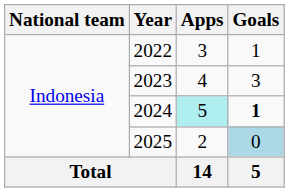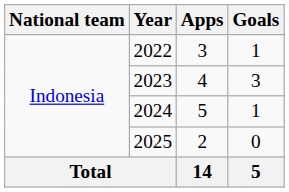 <table class="wikitable" style="text-align:center">
 <tr>
 <th>National team</th>
 <th>Year</th>
 <th>Apps</th>
 <th>Goals</th>
 </tr>
 <tr>
 <td rowspan="4"><a href='#'>Indonesia</a></td>
 <td>2022</td>
 <td>3</td>
 <td>1</td>
 </tr>
 <tr>
 <td>2023</td>
 <td>4</td>
 <td>3</td>
 </tr>
 <tr>
 <td>2024</td>
-<td style="background: paleturquoise;">5</td>
-<td><strong>1</strong></td>
+<td>5</td>
+<td>1</td>
 </tr>
 <tr>
 <td>2025</td>
 <td>2</td>
-<td style="background: lightblue;">0</td>
+<td>0</td>
 </tr>
 <tr>
 <th colspan="2">Total</th>
 <th>14</th>
 <th>5</th>
 </tr>
 </table>
